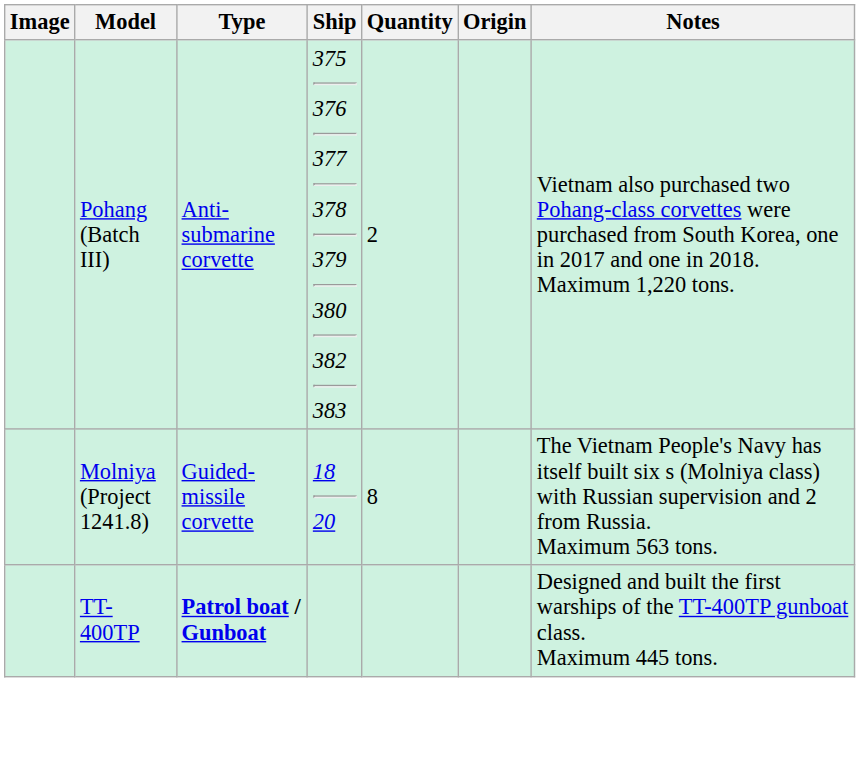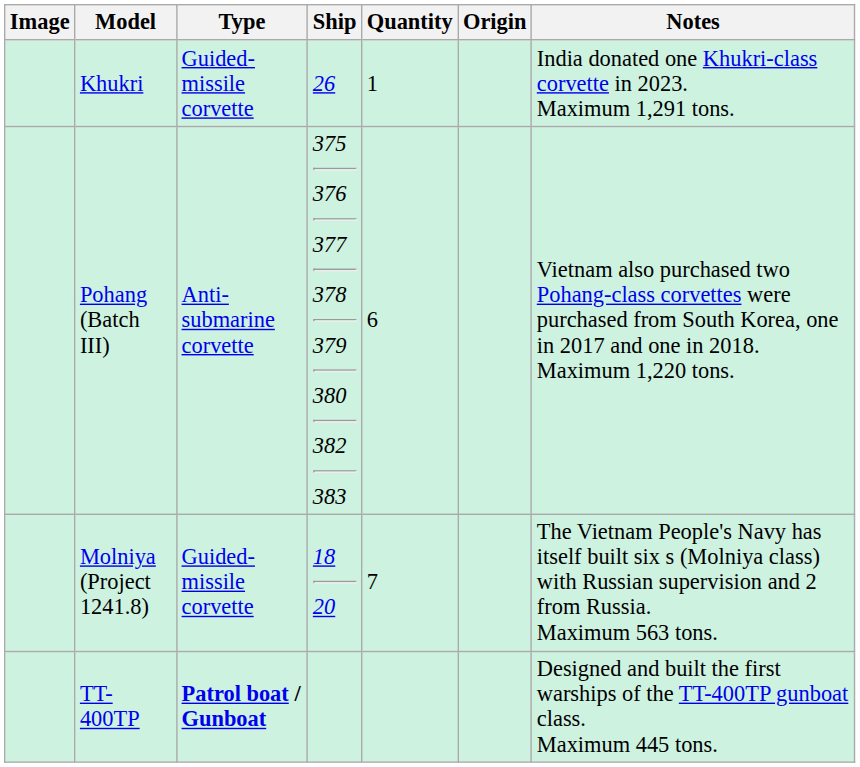 <table class="wikitable">
 <tr>
 <th>Image</th>
 <th>Model</th>
 <th>Type</th>
 <th>Ship</th>
 <th>Quantity</th>
 <th>Origin</th>
 <th>Notes</th>
 </tr>
 <tr>
 <td style="background: #CEF2E0"></td>
+<td style="background: #CEF2E0"><a href='#'>Khukri</a></td>
+<td style="background: #CEF2E0"><a href='#'>Guided-missile corvette</a></td>
+<td style="background: #CEF2E0"><a href='#'><em>26</em></a></td>
+<td style="background: #CEF2E0">1</td>
+<td style="background: #CEF2E0"></td>
+<td style="background: #CEF2E0">India donated one <a href='#'>Khukri-class corvette</a> in 2023.<br>Maximum 1,291 tons.</td>
+</tr>
+<tr>
+<td style="background: #CEF2E0"></td>
 <td style="background: #CEF2E0"><a href='#'>Pohang</a><br>(Batch III)</td>
 <td style="background: #CEF2E0"><a href='#'>Anti-submarine</a> <a href='#'>corvette</a></td>
 <td style="background: #CEF2E0"><em>375</em><hr><em>376</em><hr><em>377</em><hr><em>378</em><hr><em>379</em><hr><em>380</em><hr><em>382</em><hr><em>383</em></td>
-<td style="background: #CEF2E0">2</td>
+<td style="background: #CEF2E0">6</td>
 <td style="background: #CEF2E0"></td>
 <td style="background: #CEF2E0">Vietnam also purchased two <a href='#'>Pohang-class corvettes</a> were purchased from South Korea, one in 2017 and one in 2018.<br>Maximum 1,220 tons.</td>
 </tr>
 <tr>
 <td style="background: #CEF2E0"></td>
 <td style="background: #CEF2E0"><a href='#'>Molniya</a><br>(Project 1241.8)</td>
 <td style="background: #CEF2E0"><a href='#'>Guided-missile corvette</a></td>
 <td style="background: #CEF2E0"><a href='#'><em>18</em></a><hr><a href='#'><em>20</em></a></td>
-<td style="background: #CEF2E0">8</td>
+<td style="background: #CEF2E0">7</td>
 <td style="background: #CEF2E0"><br></td>
 <td style="background: #CEF2E0">The Vietnam People's Navy has itself built six s (Molniya class) with Russian supervision and 2 from Russia.<br>Maximum 563 tons.</td>
 </tr>
 <tr>
 <td style="background: #CEF2E0"></td>
 <td style="background: #CEF2E0"><a href='#'>TT-400TP</a></td>
 <td style="background: #CEF2E0"><strong><a href='#'>Patrol boat</a> / <a href='#'>Gunboat</a></strong></td>
 <td style="background: #CEF2E0"></td>
 <td style="background: #CEF2E0"></td>
 <td style="background: #CEF2E0"></td>
 <td style="background: #CEF2E0">Designed and built the first warships of the <a href='#'>TT-400TP gunboat</a> class.<br>Maximum 445 tons.</td>
 </tr>
 </table>
